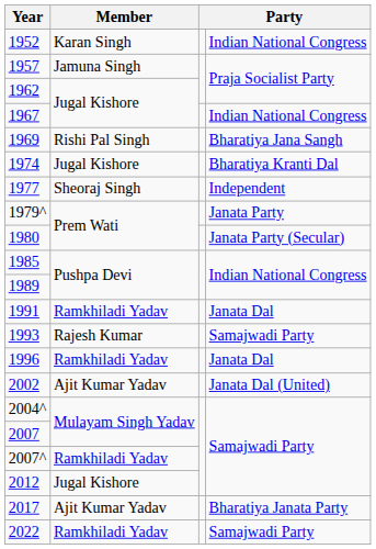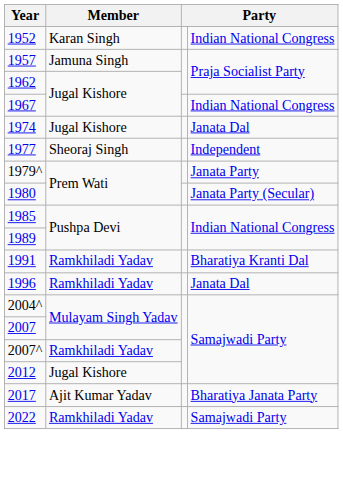 <table class="wikitable">
 <tr>
 <th>Year</th>
 <th>Member</th>
 <th colspan="2">Party</th>
 </tr>
 <tr>
 <td><a href='#'>1952</a></td>
 <td>Karan Singh</td>
 <td style="background-color: "></td>
 <td><a href='#'>Indian National Congress</a></td>
 </tr>
 <tr>
 <td><a href='#'>1957</a></td>
 <td>Jamuna Singh</td>
 <td rowspan="2" style="background-color: "></td>
 <td rowspan="2"><a href='#'>Praja Socialist Party</a></td>
 </tr>
 <tr>
 <td><a href='#'>1962</a></td>
 <td rowspan="2">Jugal Kishore</td>
 </tr>
 <tr>
 <td><a href='#'>1967</a></td>
 <td style="background-color: "></td>
 <td><a href='#'>Indian National Congress</a></td>
 </tr>
 <tr>
-<td><a href='#'>1969</a></td>
-<td>Rishi Pal Singh</td>
-<td style="background-color: "></td>
-<td><a href='#'>Bharatiya Jana Sangh</a></td>
-</tr>
-<tr>
 <td><a href='#'>1974</a></td>
 <td>Jugal Kishore</td>
 <td style="background-color: "></td>
-<td><a href='#'>Bharatiya Kranti Dal</a></td>
+<td><a href='#'>Janata Dal</a></td>
 </tr>
 <tr>
 <td><a href='#'>1977</a></td>
 <td>Sheoraj Singh</td>
 <td style="background-color: "></td>
 <td><a href='#'>Independent</a></td>
 </tr>
 <tr>
 <td>1979^</td>
 <td rowspan="2">Prem Wati</td>
 <td style="background-color: "></td>
 <td><a href='#'>Janata Party</a></td>
 </tr>
 <tr>
 <td><a href='#'>1980</a></td>
 <td style="background-color: "></td>
 <td><a href='#'>Janata Party (Secular)</a></td>
 </tr>
 <tr>
 <td><a href='#'>1985</a></td>
 <td rowspan="2">Pushpa Devi</td>
 <td rowspan="2" style="background-color: "></td>
 <td rowspan="2"><a href='#'>Indian National Congress</a></td>
 </tr>
 <tr>
 <td><a href='#'>1989</a></td>
 </tr>
 <tr>
 <td><a href='#'>1991</a></td>
 <td><a href='#'>Ramkhiladi Yadav</a></td>
 <td style="background-color: "></td>
-<td><a href='#'>Janata Dal</a></td>
-</tr>
-<tr>
-<td><a href='#'>1993</a></td>
-<td>Rajesh Kumar</td>
-<td style="background-color: "></td>
-<td><a href='#'>Samajwadi Party</a></td>
+<td><a href='#'>Bharatiya Kranti Dal</a></td>
 </tr>
 <tr>
 <td><a href='#'>1996</a></td>
 <td><a href='#'>Ramkhiladi Yadav</a></td>
 <td style="background-color: "></td>
 <td><a href='#'>Janata Dal</a></td>
-</tr>
-<tr>
-<td><a href='#'>2002</a></td>
-<td>Ajit Kumar Yadav</td>
-<td style="background-color: "></td>
-<td><a href='#'>Janata Dal (United)</a></td>
 </tr>
 <tr>
 <td>2004^</td>
 <td rowspan="2"><a href='#'>Mulayam Singh Yadav</a></td>
 <td rowspan="4" style="background-color: "></td>
 <td rowspan="4"><a href='#'>Samajwadi Party</a></td>
 </tr>
 <tr>
 <td><a href='#'>2007</a></td>
 </tr>
 <tr>
 <td>2007^</td>
 <td><a href='#'>Ramkhiladi Yadav</a></td>
 </tr>
 <tr>
 <td><a href='#'>2012</a></td>
 <td>Jugal Kishore</td>
 </tr>
 <tr>
 <td><a href='#'>2017</a></td>
 <td>Ajit Kumar Yadav</td>
 <td style="background-color: "></td>
 <td><a href='#'>Bharatiya Janata Party</a></td>
 </tr>
 <tr>
 <td><a href='#'>2022</a></td>
 <td><a href='#'>Ramkhiladi Yadav</a></td>
 <td style="background-color: "></td>
 <td><a href='#'>Samajwadi Party</a></td>
 </tr>
 </table>
